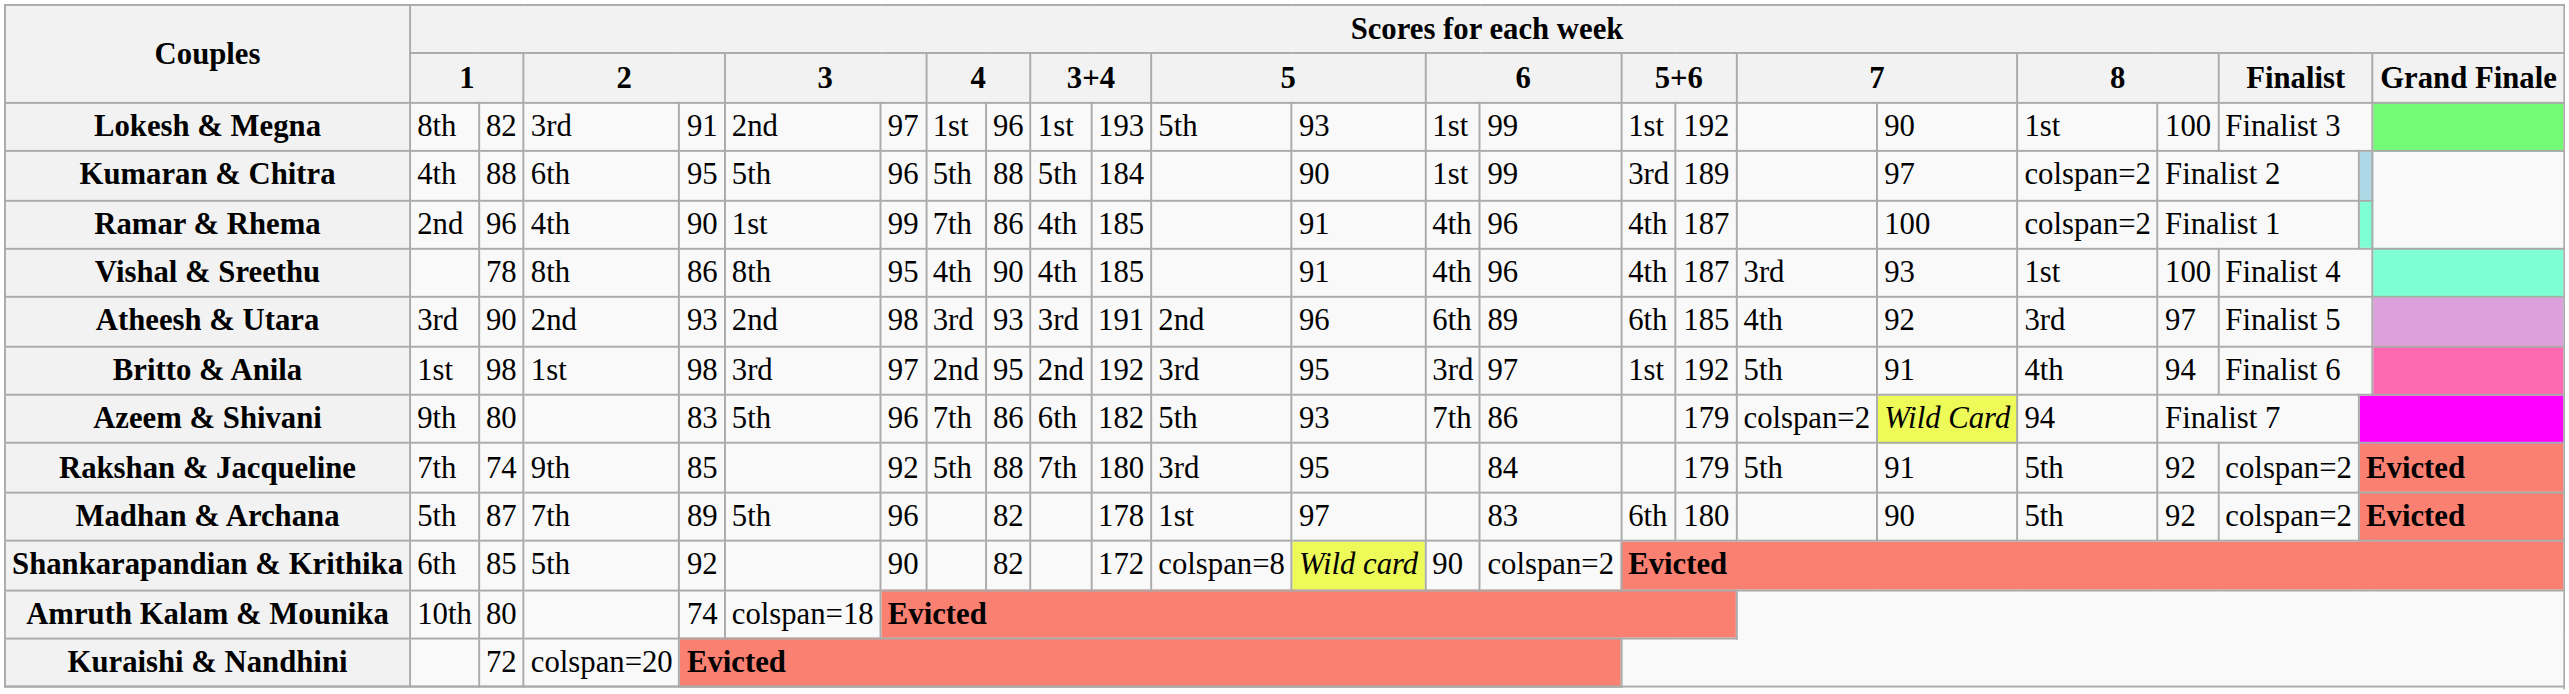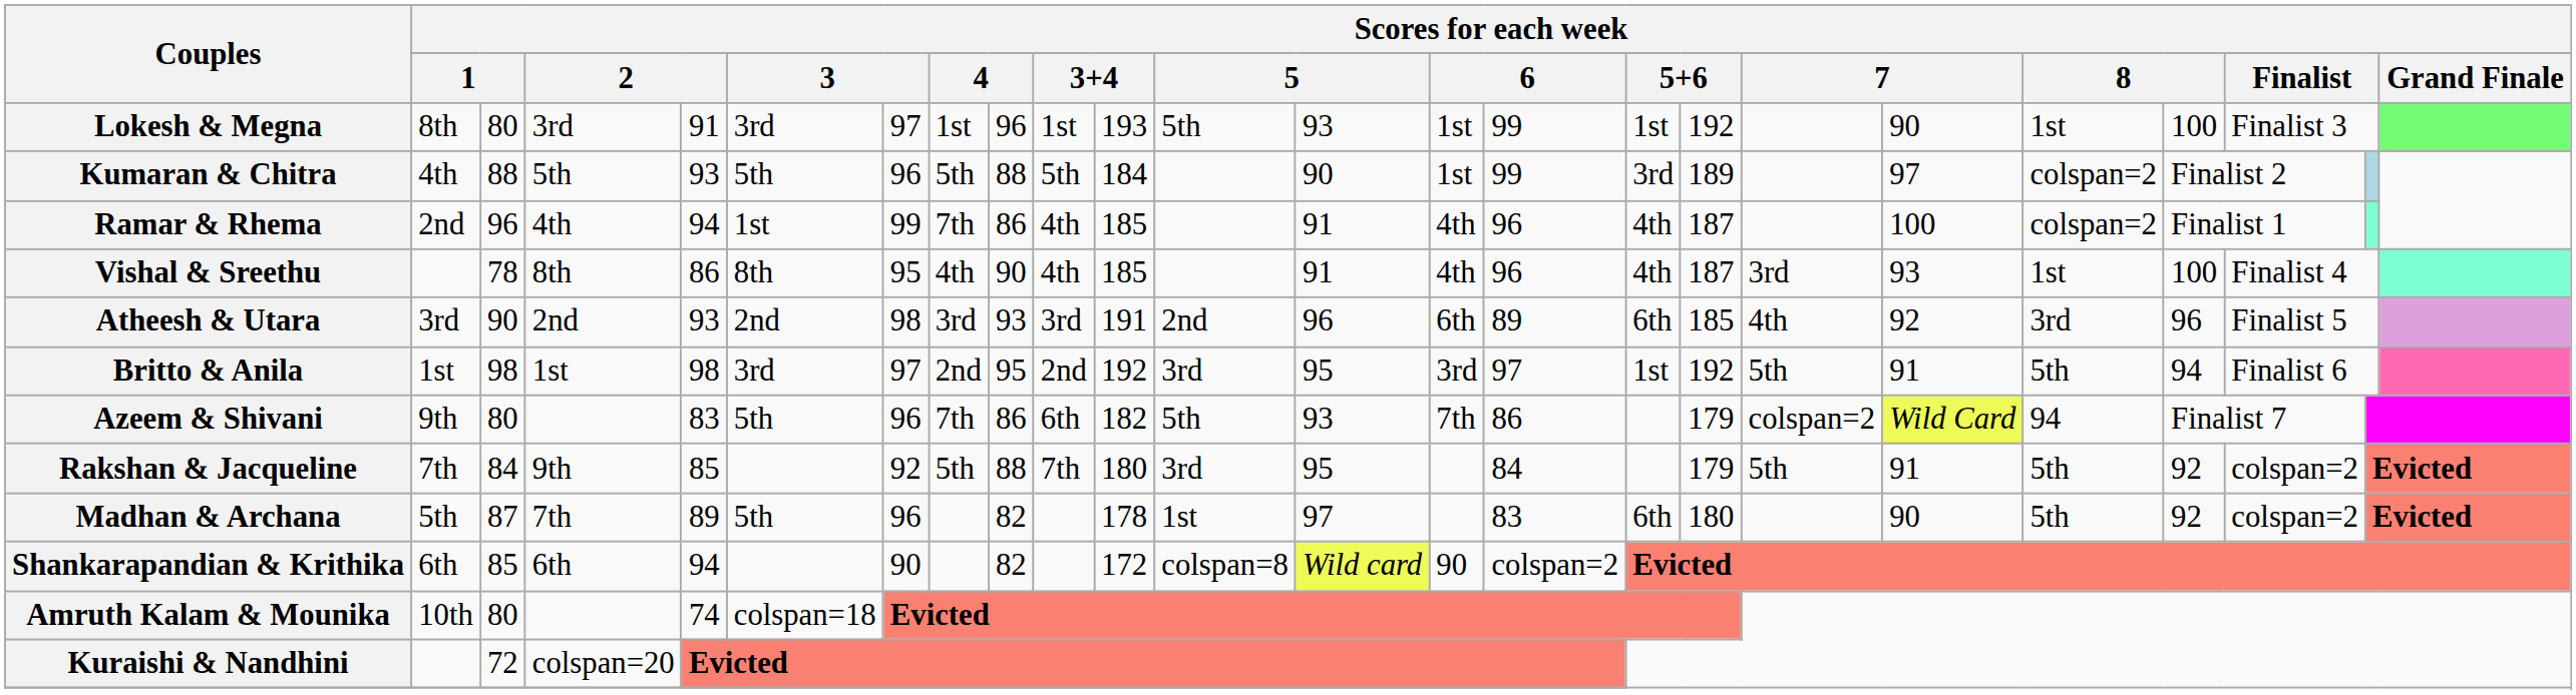 <table class=wikitable style="white-space:nowrap;">
 <tr>
 <th rowspan=2>Couples</th>
 <th colspan="23">Scores for each week</th>
 </tr>
 <tr>
 <th colspan=2>1</th>
 <th colspan=2>2</th>
 <th colspan=2>3</th>
 <th colspan=2>4</th>
 <th colspan=2>3+4</th>
 <th colspan="2"><strong>5</strong></th>
 <th colspan="2"><strong>6</strong></th>
 <th colspan=2>5+6</th>
 <th colspan="2">7</th>
 <th colspan=2>8</th>
 <th colspan=2>Finalist</th>
 <th colspan=2>Grand Finale</th>
 </tr>
 <tr>
 <th>Lokesh & Megna</th>
 <td>8th</td>
-<td>82</td>
+<td>80</td>
 <td>3rd</td>
 <td>91</td>
-<td>2nd</td>
+<td>3rd</td>
 <td>97</td>
 <td>1st</td>
 <td>96</td>
 <td>1st</td>
 <td>193</td>
 <td>5th</td>
 <td>93</td>
 <td>1st</td>
 <td>99</td>
 <td>1st</td>
 <td>192</td>
 <td></td>
 <td>90</td>
 <td>1st</td>
 <td>100</td>
 <td colspan=2>Finalist 3</td>
 <td style="background:#73FB76;"></td>
 </tr>
 <tr>
 <th>Kumaran & Chitra</th>
 <td>4th</td>
 <td>88</td>
-<td>6th</td>
-<td>95</td>
+<td>5th</td>
+<td>93</td>
 <td>5th</td>
 <td>96</td>
 <td>5th</td>
 <td>88</td>
 <td>5th</td>
 <td>184</td>
 <td></td>
 <td>90</td>
 <td>1st</td>
 <td>99</td>
 <td>3rd</td>
 <td>189</td>
 <td></td>
 <td>97</td>
 <td>colspan=2 </td>
 <td colspan=2>Finalist 2</td>
 <td style="background:#ADD8E6;"></td>
 </tr>
 <tr>
 <th>Ramar & Rhema</th>
 <td>2nd</td>
 <td>96</td>
 <td>4th</td>
-<td>90</td>
+<td>94</td>
 <td>1st</td>
 <td>99</td>
 <td>7th</td>
 <td>86</td>
 <td>4th</td>
 <td>185</td>
 <td></td>
 <td>91</td>
 <td>4th</td>
 <td>96</td>
 <td>4th</td>
 <td>187</td>
 <td></td>
 <td>100</td>
 <td>colspan=2 </td>
 <td colspan=2>Finalist 1</td>
 <td style="background:#7FFFD4;"></td>
 </tr>
 <tr>
 <th>Vishal & Sreethu</th>
 <td></td>
 <td>78</td>
 <td>8th</td>
 <td>86</td>
 <td>8th</td>
 <td>95</td>
 <td>4th</td>
 <td>90</td>
 <td>4th</td>
 <td>185</td>
 <td></td>
 <td>91</td>
 <td>4th</td>
 <td>96</td>
 <td>4th</td>
 <td>187</td>
 <td>3rd</td>
 <td>93</td>
 <td>1st</td>
 <td>100</td>
 <td colspan=2>Finalist 4</td>
 <td style="background:#7FFFD4;"></td>
 </tr>
 <tr>
 <th>Atheesh & Utara</th>
 <td>3rd</td>
 <td>90</td>
 <td>2nd</td>
 <td>93</td>
 <td>2nd</td>
 <td>98</td>
 <td>3rd</td>
 <td>93</td>
 <td>3rd</td>
 <td>191</td>
 <td>2nd</td>
 <td>96</td>
 <td>6th</td>
 <td>89</td>
 <td>6th</td>
 <td>185</td>
 <td>4th</td>
 <td>92</td>
 <td>3rd</td>
-<td>97</td>
+<td>96</td>
 <td colspan=2>Finalist 5</td>
 <td style="background:#DDA0DD;"></td>
 </tr>
 <tr>
 <th>Britto & Anila</th>
 <td>1st</td>
 <td>98</td>
 <td>1st</td>
 <td>98</td>
 <td>3rd</td>
 <td>97</td>
 <td>2nd</td>
 <td>95</td>
 <td>2nd</td>
 <td>192</td>
 <td>3rd</td>
 <td>95</td>
 <td>3rd</td>
 <td>97</td>
 <td>1st</td>
 <td>192</td>
 <td>5th</td>
 <td>91</td>
-<td>4th</td>
+<td>5th</td>
 <td>94</td>
 <td colspan=2>Finalist 6</td>
 <td colspan="2" style="background: #FF69B4;"></td>
 </tr>
 <tr>
 <th>Azeem & Shivani</th>
 <td>9th</td>
 <td>80</td>
 <td></td>
 <td>83</td>
 <td>5th</td>
 <td>96</td>
 <td>7th</td>
 <td>86</td>
 <td>6th</td>
 <td>182</td>
 <td>5th</td>
 <td>93</td>
 <td>7th</td>
 <td>86</td>
 <td></td>
 <td>179</td>
 <td>colspan=2 </td>
 <td style="background:#edfa58;"><em>Wild Card</em></td>
 <td>94</td>
 <td colspan=2>Finalist 7</td>
 <td colspan="3" style="background:#FF00FF;"></td>
 </tr>
 <tr>
 <th>Rakshan & Jacqueline</th>
 <td>7th</td>
-<td>74</td>
+<td>84</td>
 <td>9th</td>
 <td>85</td>
 <td></td>
 <td>92</td>
 <td>5th</td>
 <td>88</td>
 <td>7th</td>
 <td>180</td>
 <td>3rd</td>
 <td>95</td>
 <td></td>
 <td>84</td>
 <td></td>
 <td>179</td>
 <td>5th</td>
 <td>91</td>
 <td>5th</td>
 <td>92</td>
 <td>colspan=2 </td>
 <td colspan="11" style="background:salmon"><strong>Evicted</strong></td>
 </tr>
 <tr>
 <th>Madhan & Archana</th>
 <td>5th</td>
 <td>87</td>
 <td>7th</td>
 <td>89</td>
 <td>5th</td>
 <td>96</td>
 <td></td>
 <td>82</td>
 <td></td>
 <td>178</td>
 <td>1st</td>
 <td>97</td>
 <td></td>
 <td>83</td>
 <td>6th</td>
 <td>180</td>
 <td></td>
 <td>90</td>
 <td>5th</td>
 <td>92</td>
 <td>colspan=2 </td>
 <td colspan="11" style="background:salmon"><strong>Evicted</strong></td>
 </tr>
 <tr>
 <th>Shankarapandian & Krithika</th>
 <td>6th</td>
 <td>85</td>
-<td>5th</td>
-<td>92</td>
+<td>6th</td>
+<td>94</td>
 <td></td>
 <td>90</td>
 <td></td>
 <td>82</td>
 <td></td>
 <td>172</td>
 <td>colspan=8 </td>
 <td style="background:#edfa58;"><em>Wild card</em></td>
 <td>90</td>
 <td>colspan=2 </td>
 <td colspan="11" style="background:salmon"><strong>Evicted</strong></td>
 </tr>
 <tr>
 <th>Amruth Kalam & Mounika</th>
 <td>10th</td>
 <td>80</td>
 <td></td>
 <td>74</td>
 <td>colspan=18 </td>
 <td colspan="11" style="background:salmon"><strong>Evicted</strong></td>
 </tr>
 <tr>
 <th>Kuraishi & Nandhini</th>
 <td></td>
 <td>72</td>
 <td>colspan=20 </td>
 <td colspan="11" style="background:salmon"><strong>Evicted</strong></td>
 </tr>
 <tr>
 </tr>
 </table>
